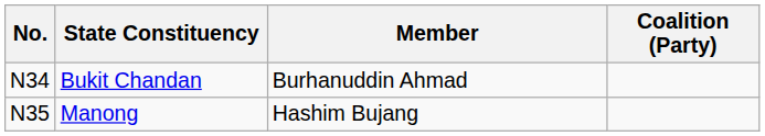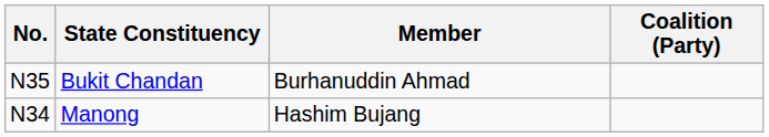 <table class="wikitable">
 <tr>
 <th width="30">No.</th>
 <th width="150">State Constituency</th>
 <th width="245">Member</th>
 <th width="105">Coalition (Party)</th>
 </tr>
 <tr>
-<td>N34</td>
+<td>N35</td>
 <td><a href='#'>Bukit Chandan</a></td>
 <td>Burhanuddin Ahmad</td>
 <td></td>
 </tr>
 <tr>
-<td>N35</td>
+<td>N34</td>
 <td><a href='#'>Manong</a></td>
 <td>Hashim Bujang</td>
 <td></td>
 </tr>
 </table>
